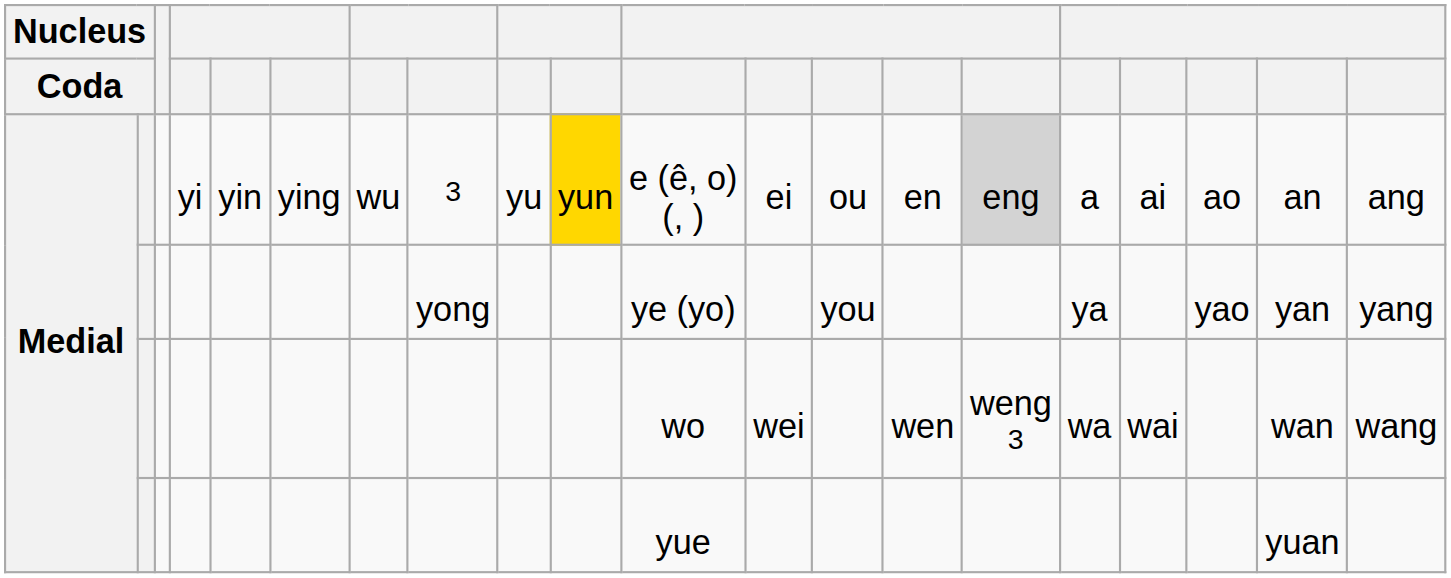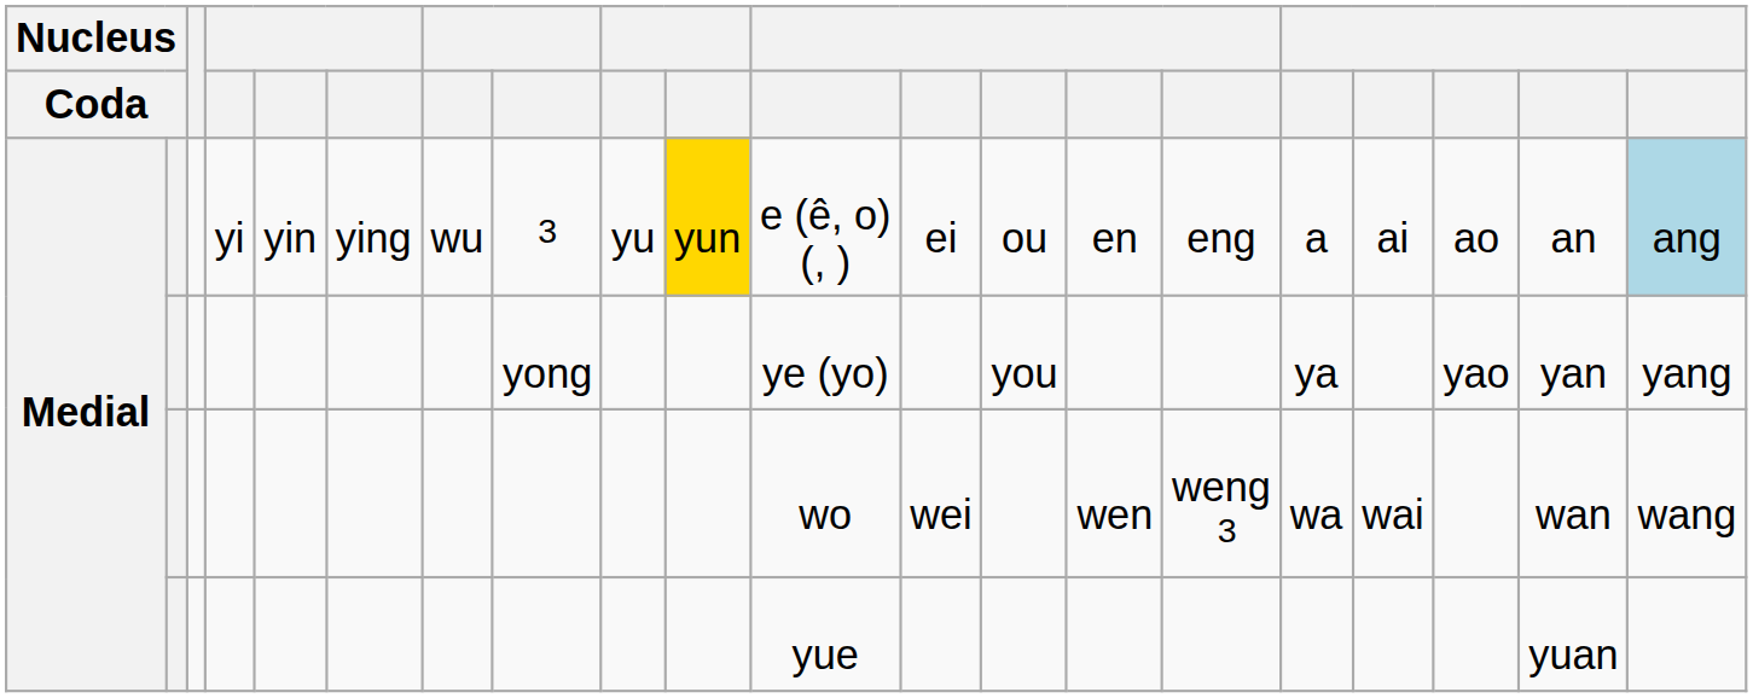 <table class="wikitable" style="text-align:center;">
 <tr>
 <th colspan="2">Nucleus</th>
 <th rowspan="2"></th>
 <th colspan="3"></th>
 <th colspan="2"></th>
 <th colspan="2"></th>
 <th colspan="5"></th>
 <th colspan="5"></th>
 </tr>
 <tr>
 <th colspan="2">Coda</th>
 <th></th>
 <th></th>
 <th></th>
 <th></th>
 <th></th>
 <th></th>
 <th></th>
 <th></th>
 <th></th>
 <th></th>
 <th></th>
 <th></th>
 <th></th>
 <th></th>
 <th></th>
 <th></th>
 <th></th>
 </tr>
 <tr>
 <th rowspan="4">Medial</th>
 <th></th>
 <td><br><br></td>
 <td><br>yi<br></td>
 <td> <br>yin<br></td>
 <td><br>ying<br></td>
 <td><br>wu<br></td>
 <td><br><sup>3</sup><br></td>
 <td><br>yu<br></td>
 <td style="background: gold;"><br>yun<br></td>
 <td><br>e (ê, o)<br> (, )</td>
 <td><br>ei<br></td>
 <td><br>ou<br></td>
 <td><br>en<br></td>
-<td style="background: lightgrey;"><br>eng<br></td>
+<td><br>eng<br></td>
 <td><br>a<br></td>
 <td><br>ai<br></td>
 <td><br>ao<br></td>
 <td><br>an<br></td>
-<td><br>ang<br></td>
+<td style="background: lightblue;"><br>ang<br></td>
 </tr>
 <tr>
 <th></th>
 <td></td>
 <td></td>
 <td></td>
 <td></td>
 <td></td>
 <td><br>yong<br></td>
 <td></td>
 <td></td>
 <td><br>ye (yo)<br></td>
 <td></td>
 <td><br>you<br></td>
 <td></td>
 <td></td>
 <td><br>ya<br></td>
 <td></td>
 <td><br>yao<br></td>
 <td><br>yan<br></td>
 <td><br>yang<br></td>
 </tr>
 <tr>
 <th></th>
 <td></td>
 <td></td>
 <td></td>
 <td></td>
 <td></td>
 <td></td>
 <td></td>
 <td></td>
 <td><br>wo<br></td>
 <td><br>wei<br></td>
 <td></td>
 <td><br>wen<br></td>
 <td><br>weng<br> <sup>3</sup></td>
 <td><br>wa<br></td>
 <td><br>wai<br></td>
 <td></td>
 <td><br>wan<br></td>
 <td><br>wang<br></td>
 </tr>
 <tr>
 <th></th>
 <td></td>
 <td></td>
 <td></td>
 <td></td>
 <td></td>
 <td></td>
 <td></td>
 <td></td>
 <td><br>yue<br></td>
 <td></td>
 <td></td>
 <td></td>
 <td></td>
 <td></td>
 <td></td>
 <td></td>
 <td><br>yuan<br></td>
 <td></td>
 </tr>
 </table>
